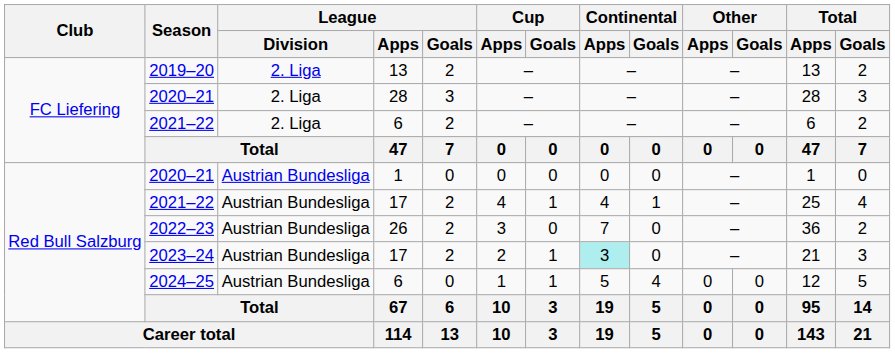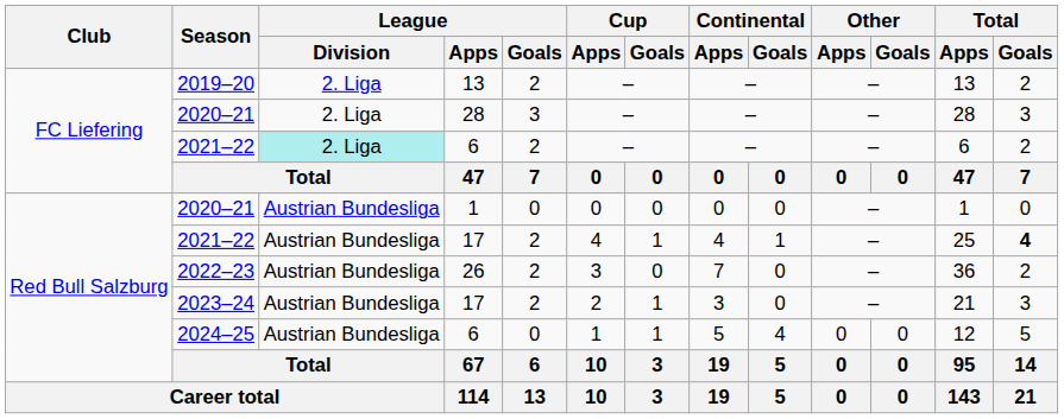 <table class="wikitable" style="text-align: center">
 <tr>
 <th rowspan="2">Club</th>
 <th rowspan="2">Season</th>
 <th colspan="3">League</th>
 <th colspan="2">Cup</th>
 <th colspan="2">Continental</th>
 <th colspan="2">Other</th>
 <th colspan="2">Total</th>
 </tr>
 <tr>
 <th>Division</th>
 <th>Apps</th>
 <th>Goals</th>
 <th>Apps</th>
 <th>Goals</th>
 <th>Apps</th>
 <th>Goals</th>
 <th>Apps</th>
 <th>Goals</th>
 <th>Apps</th>
 <th>Goals</th>
 </tr>
 <tr>
 <td rowspan="4"><a href='#'>FC Liefering</a></td>
 <td><a href='#'>2019–20</a></td>
 <td><a href='#'>2. Liga</a></td>
 <td>13</td>
 <td>2</td>
 <td colspan="2">–</td>
 <td colspan="2">–</td>
 <td colspan="2">–</td>
 <td>13</td>
 <td>2</td>
 </tr>
 <tr>
 <td><a href='#'>2020–21</a></td>
 <td>2. Liga</td>
 <td>28</td>
 <td>3</td>
 <td colspan="2">–</td>
 <td colspan="2">–</td>
 <td colspan="2">–</td>
 <td>28</td>
 <td>3</td>
 </tr>
 <tr>
 <td><a href='#'>2021–22</a></td>
-<td>2. Liga</td>
+<td style="background: paleturquoise;">2. Liga</td>
 <td>6</td>
 <td>2</td>
 <td colspan="2">–</td>
 <td colspan="2">–</td>
 <td colspan="2">–</td>
 <td>6</td>
 <td>2</td>
 </tr>
 <tr>
 <th colspan=2>Total</th>
 <th>47</th>
 <th>7</th>
 <th>0</th>
 <th>0</th>
 <th>0</th>
 <th>0</th>
 <th>0</th>
 <th>0</th>
 <th>47</th>
 <th>7</th>
 </tr>
 <tr>
 <td rowspan="6"><a href='#'>Red Bull Salzburg</a></td>
 <td><a href='#'>2020–21</a></td>
 <td><a href='#'>Austrian Bundesliga</a></td>
 <td>1</td>
 <td>0</td>
 <td>0</td>
 <td>0</td>
 <td>0</td>
 <td>0</td>
 <td colspan="2">–</td>
 <td>1</td>
 <td>0</td>
 </tr>
 <tr>
 <td><a href='#'>2021–22</a></td>
 <td>Austrian Bundesliga</td>
 <td>17</td>
 <td>2</td>
 <td>4</td>
 <td>1</td>
 <td>4</td>
 <td>1</td>
 <td colspan="2">–</td>
 <td>25</td>
-<td>4</td>
+<td><strong>4</strong></td>
 </tr>
 <tr>
 <td><a href='#'>2022–23</a></td>
 <td>Austrian Bundesliga</td>
 <td>26</td>
 <td>2</td>
 <td>3</td>
 <td>0</td>
 <td>7</td>
 <td>0</td>
 <td colspan="2">–</td>
 <td>36</td>
 <td>2</td>
 </tr>
 <tr>
 <td><a href='#'>2023–24</a></td>
 <td>Austrian Bundesliga</td>
 <td>17</td>
 <td>2</td>
 <td>2</td>
 <td>1</td>
-<td style="background: paleturquoise;">3</td>
+<td>3</td>
 <td>0</td>
 <td colspan="2">–</td>
 <td>21</td>
 <td>3</td>
 </tr>
 <tr>
 <td><a href='#'>2024–25</a></td>
 <td>Austrian Bundesliga</td>
 <td>6</td>
 <td>0</td>
 <td>1</td>
 <td>1</td>
 <td>5</td>
 <td>4</td>
 <td>0</td>
 <td>0</td>
 <td>12</td>
 <td>5</td>
 </tr>
 <tr>
 <th colspan=2>Total</th>
 <th>67</th>
 <th>6</th>
 <th>10</th>
 <th>3</th>
 <th>19</th>
 <th>5</th>
 <th>0</th>
 <th>0</th>
 <th>95</th>
 <th>14</th>
 </tr>
 <tr>
 <th colspan=3>Career total</th>
 <th>114</th>
 <th>13</th>
 <th>10</th>
 <th>3</th>
 <th>19</th>
 <th>5</th>
 <th>0</th>
 <th>0</th>
 <th>143</th>
 <th>21</th>
 </tr>
 </table>
